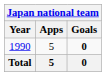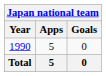 <table class="wikitable" style="text-align:center">
 <tr>
 <th colspan=3><a href='#'>Japan national team</a></th>
 </tr>
 <tr>
 <th>Year</th>
 <th>Apps</th>
 <th>Goals</th>
 </tr>
 <tr>
 <td><a href='#'>1990</a></td>
 <td>5</td>
-<td><strong>0</strong></td>
+<td>0</td>
 </tr>
 <tr>
 <th>Total</th>
 <th>5</th>
 <th>0</th>
 </tr>
 </table>
